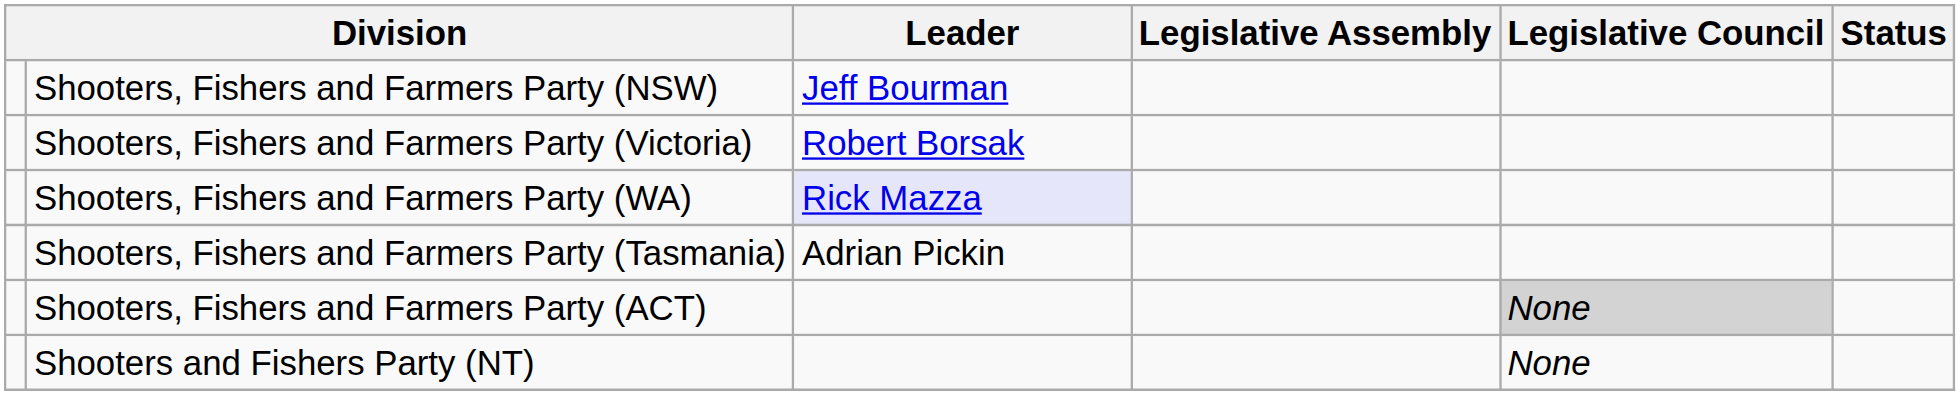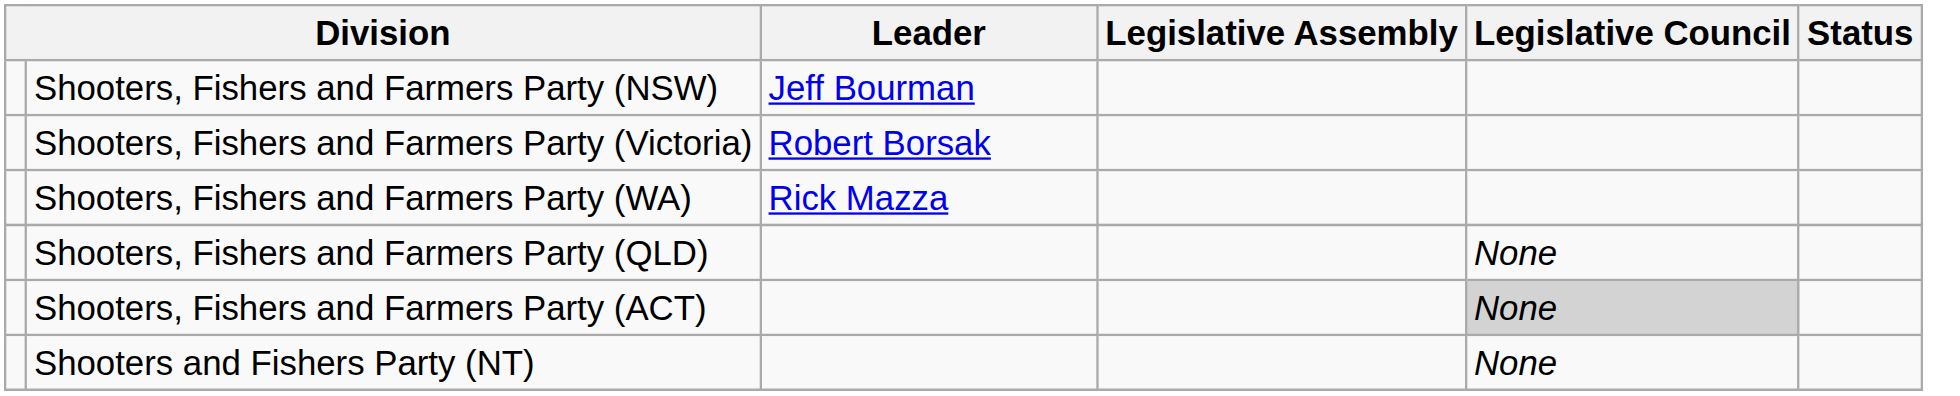 <table class="wikitable" style="font-size:95%;">
 <tr>
 <th colspan="2" style="width:140px">Division</th>
 <th style="width:140px">Leader</th>
 <th>Legislative Assembly</th>
 <th>Legislative Council</th>
 <th>Status</th>
 </tr>
 <tr>
 <td style="width:2px;background:"></td>
 <td>Shooters, Fishers and Farmers Party (NSW)</td>
 <td><a href='#'>Jeff Bourman</a></td>
 <td></td>
 <td></td>
 <td></td>
 </tr>
 <tr>
 <td style="width:2px;background:"></td>
 <td>Shooters, Fishers and Farmers Party (Victoria)</td>
 <td><a href='#'>Robert Borsak</a></td>
 <td></td>
 <td></td>
 <td></td>
 </tr>
 <tr>
 <td style="width:2px;background:"></td>
 <td>Shooters, Fishers and Farmers Party (WA)</td>
-<td style="background: lavender;"><a href='#'>Rick Mazza</a></td>
+<td><a href='#'>Rick Mazza</a></td>
 <td></td>
 <td></td>
 <td></td>
 </tr>
 <tr>
 </tr>
 <tr>
 <td style="width:2px;background:"></td>
-<td>Shooters, Fishers and Farmers Party (Tasmania)</td>
-<td>Adrian Pickin</td>
+<td>Shooters, Fishers and Farmers Party (QLD)</td>
 <td></td>
 <td></td>
+<td><em>None</em></td>
 <td></td>
 </tr>
 <tr>
 <td style="width:2px;background:"></td>
 <td>Shooters, Fishers and Farmers Party (ACT)</td>
 <td></td>
 <td></td>
 <td style="background: lightgrey;"><em>None</em></td>
 <td></td>
 </tr>
 <tr>
 <td style="width:2px;background:"></td>
 <td>Shooters and Fishers Party (NT)</td>
 <td></td>
 <td></td>
 <td><em>None</em></td>
 <td></td>
 </tr>
 <tr>
 </tr>
 </table>
